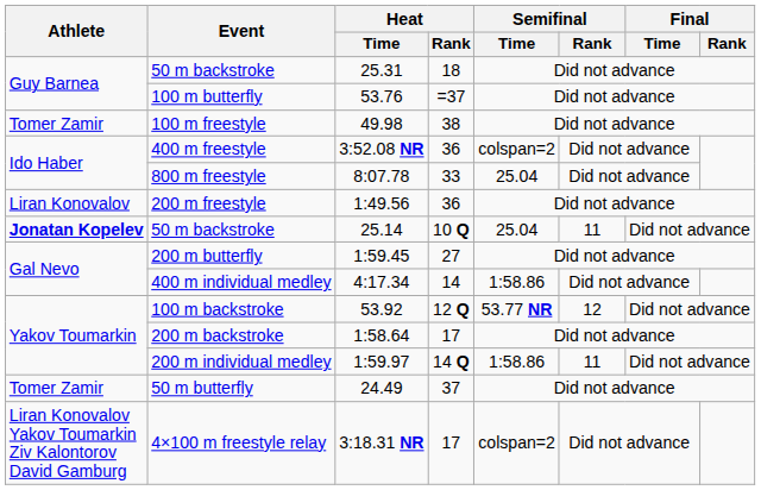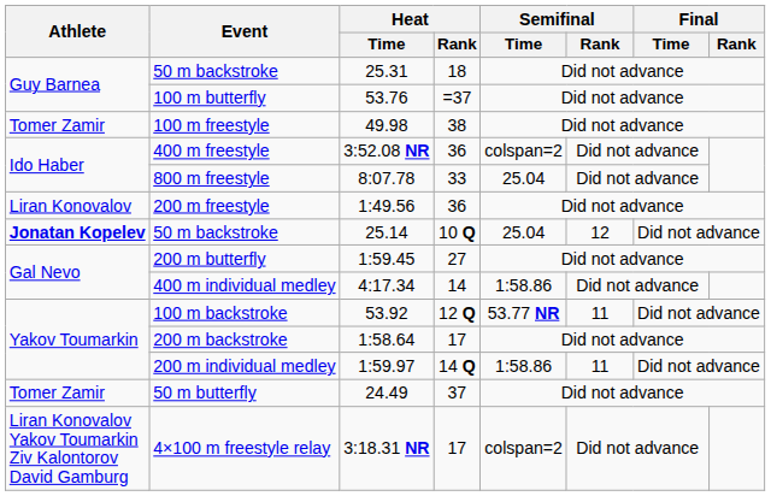 <table class=wikitable style="font-size:90%">
 <tr>
 <th rowspan="2">Athlete</th>
 <th rowspan="2">Event</th>
 <th colspan="2">Heat</th>
 <th colspan="2">Semifinal</th>
 <th colspan="2">Final</th>
 </tr>
 <tr style="font-size:95%">
 <th>Time</th>
 <th>Rank</th>
 <th>Time</th>
 <th>Rank</th>
 <th>Time</th>
 <th>Rank</th>
 </tr>
 <tr align=center>
 <td align=left rowspan=2><a href='#'>Guy Barnea</a></td>
 <td align=left><a href='#'>50 m backstroke</a></td>
 <td>25.31</td>
 <td>18</td>
 <td colspan=4>Did not advance</td>
 </tr>
 <tr align=center>
 <td align=left><a href='#'>100 m butterfly</a></td>
 <td>53.76</td>
 <td>=37</td>
 <td colspan=4>Did not advance</td>
 </tr>
 <tr align=center>
 <td align=left><a href='#'>Tomer Zamir</a></td>
 <td align=left><a href='#'>100 m freestyle</a></td>
 <td>49.98</td>
 <td>38</td>
 <td colspan=4>Did not advance</td>
 </tr>
 <tr align=center>
 <td align=left rowspan=2><a href='#'>Ido Haber</a></td>
 <td align=left><a href='#'>400 m freestyle</a></td>
 <td>3:52.08 <strong><a href='#'>NR</a></strong></td>
 <td>36</td>
 <td>colspan=2 </td>
 <td colspan=2>Did not advance</td>
 </tr>
 <tr align=center>
 <td align=left><a href='#'>800 m freestyle</a></td>
 <td>8:07.78</td>
 <td>33</td>
 <td>25.04</td>
 <td colspan=2>Did not advance</td>
 </tr>
 <tr align=center>
 <td align=left><a href='#'>Liran Konovalov</a></td>
 <td align=left><a href='#'>200 m freestyle</a></td>
 <td>1:49.56</td>
 <td>36</td>
 <td colspan=4>Did not advance</td>
 </tr>
 <tr align=center>
 <td align=left><strong><a href='#'>Jonatan Kopelev</a></strong></td>
 <td align=left><a href='#'>50 m backstroke</a></td>
 <td>25.14</td>
 <td>10 <strong>Q</strong></td>
 <td>25.04</td>
-<td>11</td>
+<td>12</td>
 <td colspan=2>Did not advance</td>
 </tr>
 <tr align=center>
 <td align=left rowspan=2><a href='#'>Gal Nevo</a></td>
 <td align=left><a href='#'>200 m butterfly</a></td>
 <td>1:59.45</td>
 <td>27</td>
 <td colspan=4>Did not advance</td>
 </tr>
 <tr align=center>
 <td align=left><a href='#'>400 m individual medley</a></td>
 <td>4:17.34</td>
 <td>14</td>
 <td>1:58.86</td>
 <td colspan=2>Did not advance</td>
 </tr>
 <tr align=center>
 <td align=left rowspan=3><a href='#'>Yakov Toumarkin</a></td>
 <td align=left><a href='#'>100 m backstroke</a></td>
 <td>53.92</td>
 <td>12 <strong>Q</strong></td>
 <td>53.77 <strong><a href='#'>NR</a></strong></td>
-<td>12</td>
+<td>11</td>
 <td colspan=2>Did not advance</td>
 </tr>
 <tr align=center>
 <td align=left><a href='#'>200 m backstroke</a></td>
 <td>1:58.64</td>
 <td>17</td>
 <td colspan=4>Did not advance</td>
 </tr>
 <tr align=center>
 <td align=left><a href='#'>200 m individual medley</a></td>
 <td>1:59.97</td>
 <td>14 <strong>Q</strong></td>
 <td>1:58.86</td>
 <td>11</td>
 <td colspan=2>Did not advance</td>
 </tr>
 <tr align=center>
 <td align=left><a href='#'>Tomer Zamir</a></td>
 <td align=left><a href='#'>50 m butterfly</a></td>
 <td>24.49</td>
 <td>37</td>
 <td colspan=4>Did not advance</td>
 </tr>
 <tr align=center>
 <td align=left><a href='#'>Liran Konovalov</a><br><a href='#'>Yakov Toumarkin</a><br><a href='#'>Ziv Kalontorov</a><br><a href='#'>David Gamburg</a></td>
 <td align=left><a href='#'>4×100 m freestyle relay</a></td>
 <td>3:18.31 <strong><a href='#'>NR</a></strong></td>
 <td>17</td>
 <td>colspan=2 </td>
 <td colspan=2>Did not advance</td>
 </tr>
 </table>
